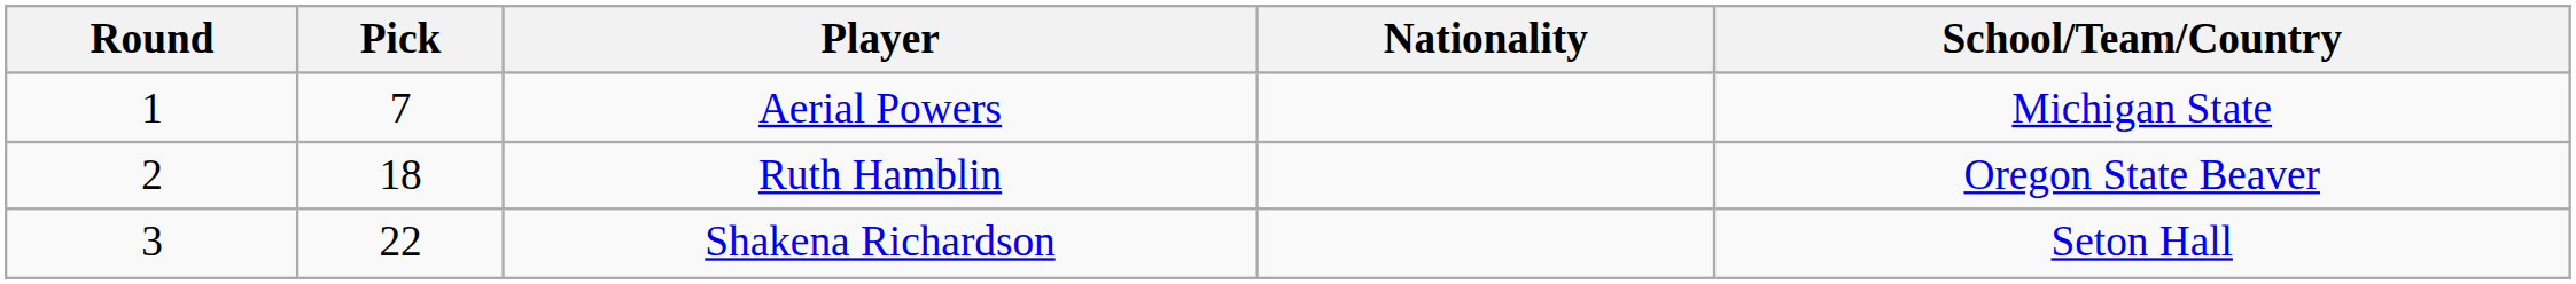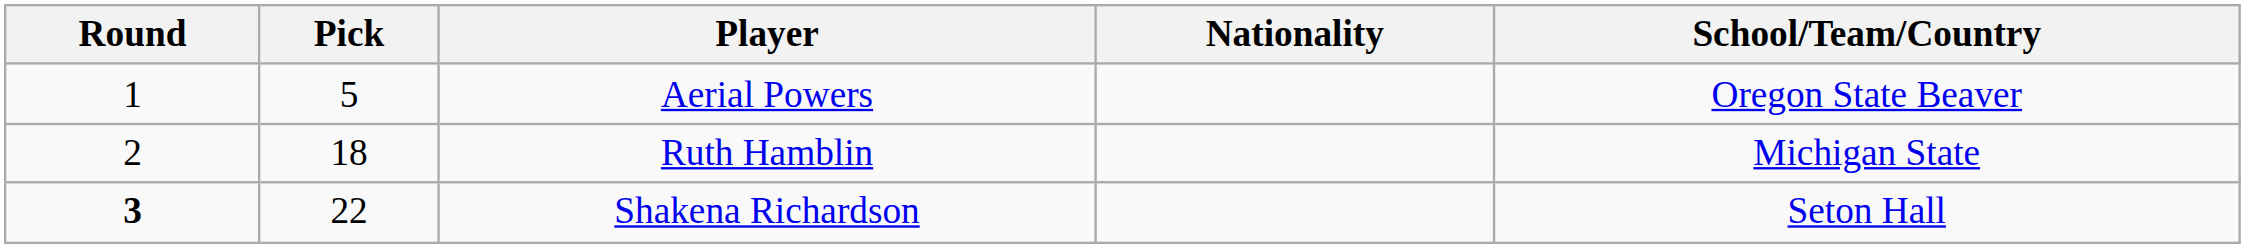 <table class="wikitable sortable" style="text-align:center; width:60em">
 <tr>
 <th>Round</th>
 <th>Pick</th>
 <th>Player</th>
 <th>Nationality</th>
 <th>School/Team/Country</th>
 </tr>
 <tr>
 <td>1</td>
-<td>7</td>
+<td>5</td>
 <td><a href='#'>Aerial Powers</a></td>
 <td></td>
-<td><a href='#'>Michigan State</a></td>
+<td><a href='#'>Oregon State Beaver</a></td>
 </tr>
 <tr>
 <td>2</td>
 <td>18</td>
 <td><a href='#'>Ruth Hamblin</a></td>
 <td></td>
-<td><a href='#'>Oregon State Beaver</a></td>
+<td><a href='#'>Michigan State</a></td>
 </tr>
 <tr>
-<td>3</td>
+<td><strong>3</strong></td>
 <td>22</td>
 <td><a href='#'>Shakena Richardson</a></td>
 <td></td>
 <td><a href='#'>Seton Hall</a></td>
 </tr>
 </table>
